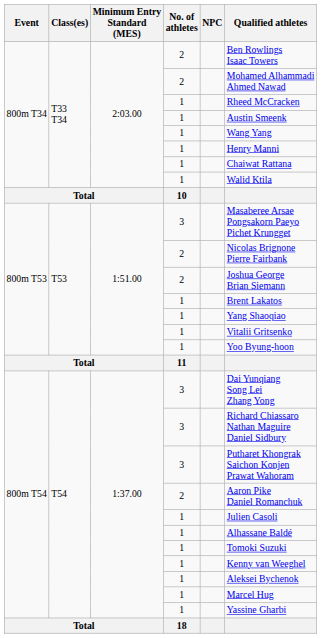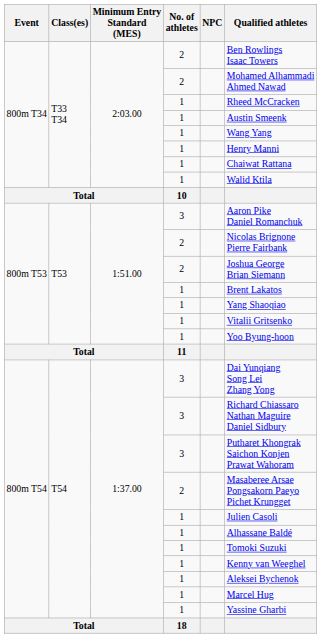 <table class="wikitable">
 <tr>
 <th>Event</th>
 <th>Class(es)</th>
 <th>Minimum Entry<br> Standard<br> (MES)</th>
 <th>No. of<br>athletes</th>
 <th>NPC</th>
 <th>Qualified athletes</th>
 </tr>
 <tr>
 <td rowspan=8>800m T34</td>
 <td rowspan=8>T33<br>T34</td>
 <td rowspan=8 align="center">2:03.00</td>
 <td align=center>2</td>
 <td></td>
 <td><a href='#'>Ben Rowlings</a><br><a href='#'>Isaac Towers</a></td>
 </tr>
 <tr>
 <td align=center>2</td>
 <td></td>
 <td><a href='#'>Mohamed Alhammadi</a><br><a href='#'>Ahmed Nawad</a></td>
 </tr>
 <tr>
 <td align=center>1</td>
 <td></td>
 <td><a href='#'>Rheed McCracken</a></td>
 </tr>
 <tr>
 <td align=center>1</td>
 <td></td>
 <td><a href='#'>Austin Smeenk</a></td>
 </tr>
 <tr>
 <td align=center>1</td>
 <td></td>
 <td><a href='#'>Wang Yang</a></td>
 </tr>
 <tr>
 <td align=center>1</td>
 <td></td>
 <td><a href='#'>Henry Manni</a></td>
 </tr>
 <tr>
 <td align=center>1</td>
 <td></td>
 <td><a href='#'>Chaiwat Rattana</a></td>
 </tr>
 <tr>
 <td align=center>1</td>
 <td></td>
 <td><a href='#'>Walid Ktila</a></td>
 </tr>
 <tr>
 <th colspan=3>Total</th>
 <th>10</th>
 <th></th>
 <th></th>
 </tr>
 <tr>
 <td rowspan=7>800m T53</td>
 <td rowspan=7>T53</td>
 <td rowspan=7 align="center">1:51.00</td>
 <td align=center>3</td>
 <td></td>
-<td><a href='#'>Masaberee Arsae</a><br><a href='#'>Pongsakorn Paeyo</a><br><a href='#'>Pichet Krungget</a></td>
+<td><a href='#'>Aaron Pike</a><br><a href='#'>Daniel Romanchuk</a></td>
 </tr>
 <tr>
 <td align=center>2</td>
 <td></td>
 <td><a href='#'>Nicolas Brignone</a><br><a href='#'>Pierre Fairbank</a></td>
 </tr>
 <tr>
 <td align=center>2</td>
 <td></td>
 <td><a href='#'>Joshua George</a><br><a href='#'>Brian Siemann</a></td>
 </tr>
 <tr>
 <td align=center>1</td>
 <td></td>
 <td><a href='#'>Brent Lakatos</a></td>
 </tr>
 <tr>
 <td align=center>1</td>
 <td></td>
 <td><a href='#'>Yang Shaoqiao</a></td>
 </tr>
 <tr>
 <td align=center>1</td>
 <td></td>
 <td><a href='#'>Vitalii Gritsenko</a></td>
 </tr>
 <tr>
 <td align=center>1</td>
 <td></td>
 <td><a href='#'>Yoo Byung-hoon</a></td>
 </tr>
 <tr>
 <th colspan=3>Total</th>
 <th>11</th>
 <th></th>
 <th></th>
 </tr>
 <tr>
 <td rowspan=11>800m T54</td>
 <td rowspan=11>T54</td>
 <td rowspan=11 align="center">1:37.00</td>
 <td align=center>3</td>
 <td></td>
 <td><a href='#'>Dai Yunqiang</a><br><a href='#'>Song Lei</a><br><a href='#'>Zhang Yong</a></td>
 </tr>
 <tr>
 <td align=center>3</td>
 <td></td>
 <td><a href='#'>Richard Chiassaro</a><br><a href='#'>Nathan Maguire</a><br><a href='#'>Daniel Sidbury</a></td>
 </tr>
 <tr>
 <td align=center>3</td>
 <td></td>
 <td><a href='#'>Putharet Khongrak</a><br><a href='#'>Saichon Konjen</a><br><a href='#'>Prawat Wahoram</a></td>
 </tr>
 <tr>
 <td align=center>2</td>
 <td></td>
-<td><a href='#'>Aaron Pike</a><br><a href='#'>Daniel Romanchuk</a></td>
+<td><a href='#'>Masaberee Arsae</a><br><a href='#'>Pongsakorn Paeyo</a><br><a href='#'>Pichet Krungget</a></td>
 </tr>
 <tr>
 <td align=center>1</td>
 <td></td>
 <td><a href='#'>Julien Casoli</a></td>
 </tr>
 <tr>
 <td align=center>1</td>
 <td></td>
 <td><a href='#'>Alhassane Baldé</a></td>
 </tr>
 <tr>
 <td align=center>1</td>
 <td></td>
 <td><a href='#'>Tomoki Suzuki</a></td>
 </tr>
 <tr>
 <td align=center>1</td>
 <td></td>
 <td><a href='#'>Kenny van Weeghel</a></td>
 </tr>
 <tr>
 <td align=center>1</td>
 <td></td>
 <td><a href='#'>Aleksei Bychenok</a></td>
 </tr>
 <tr>
 <td align=center>1</td>
 <td></td>
 <td><a href='#'>Marcel Hug</a></td>
 </tr>
 <tr>
 <td align=center>1</td>
 <td></td>
 <td><a href='#'>Yassine Gharbi</a></td>
 </tr>
 <tr>
 <th colspan=3>Total</th>
 <th>18</th>
 <th></th>
 <th></th>
 </tr>
 </table>
